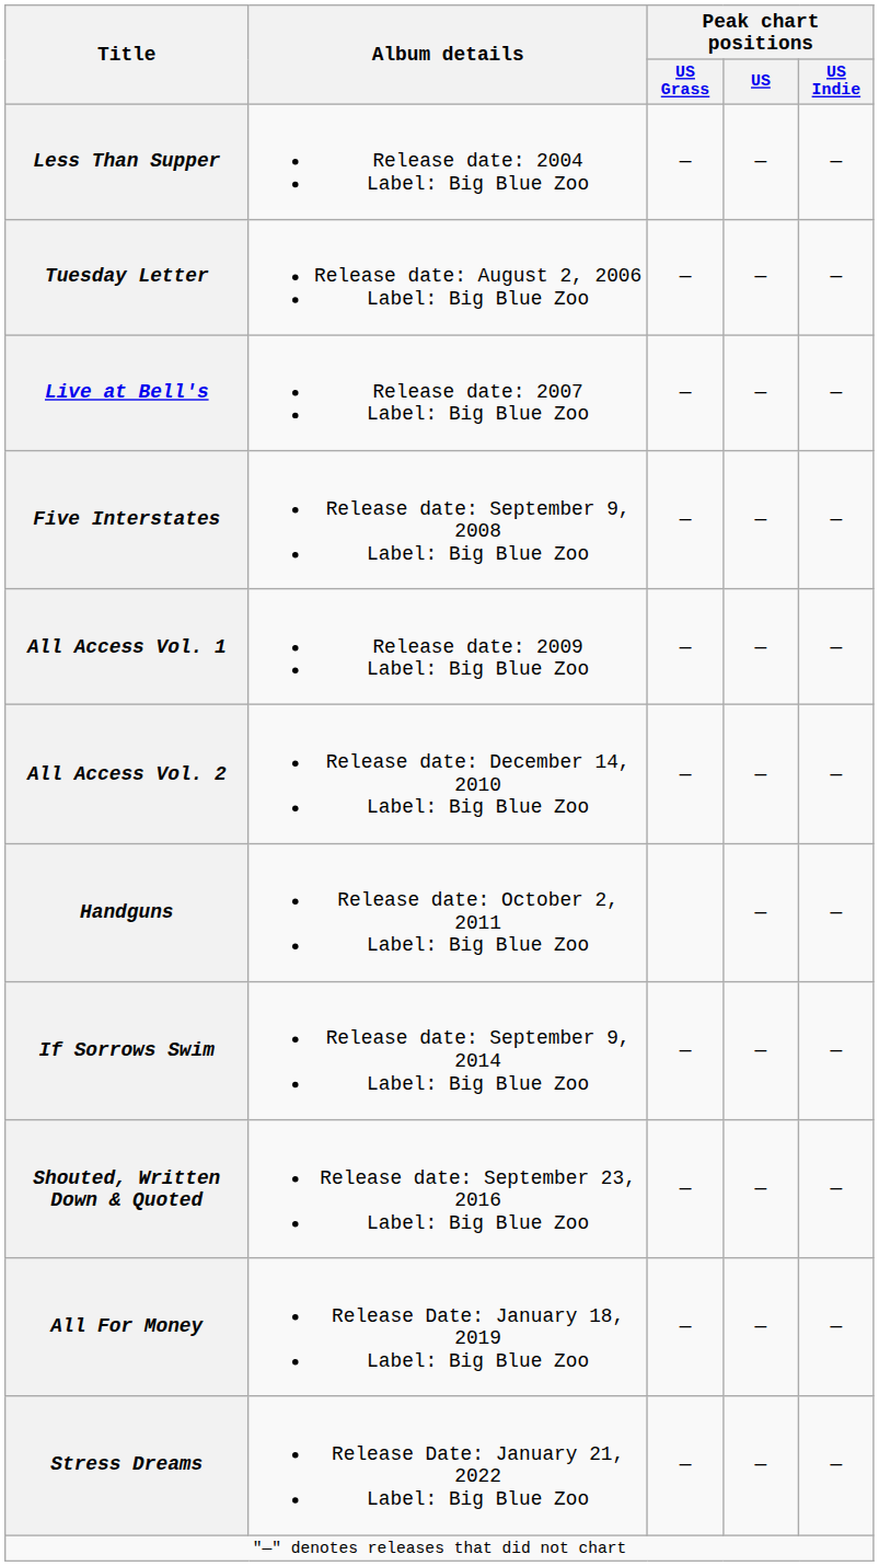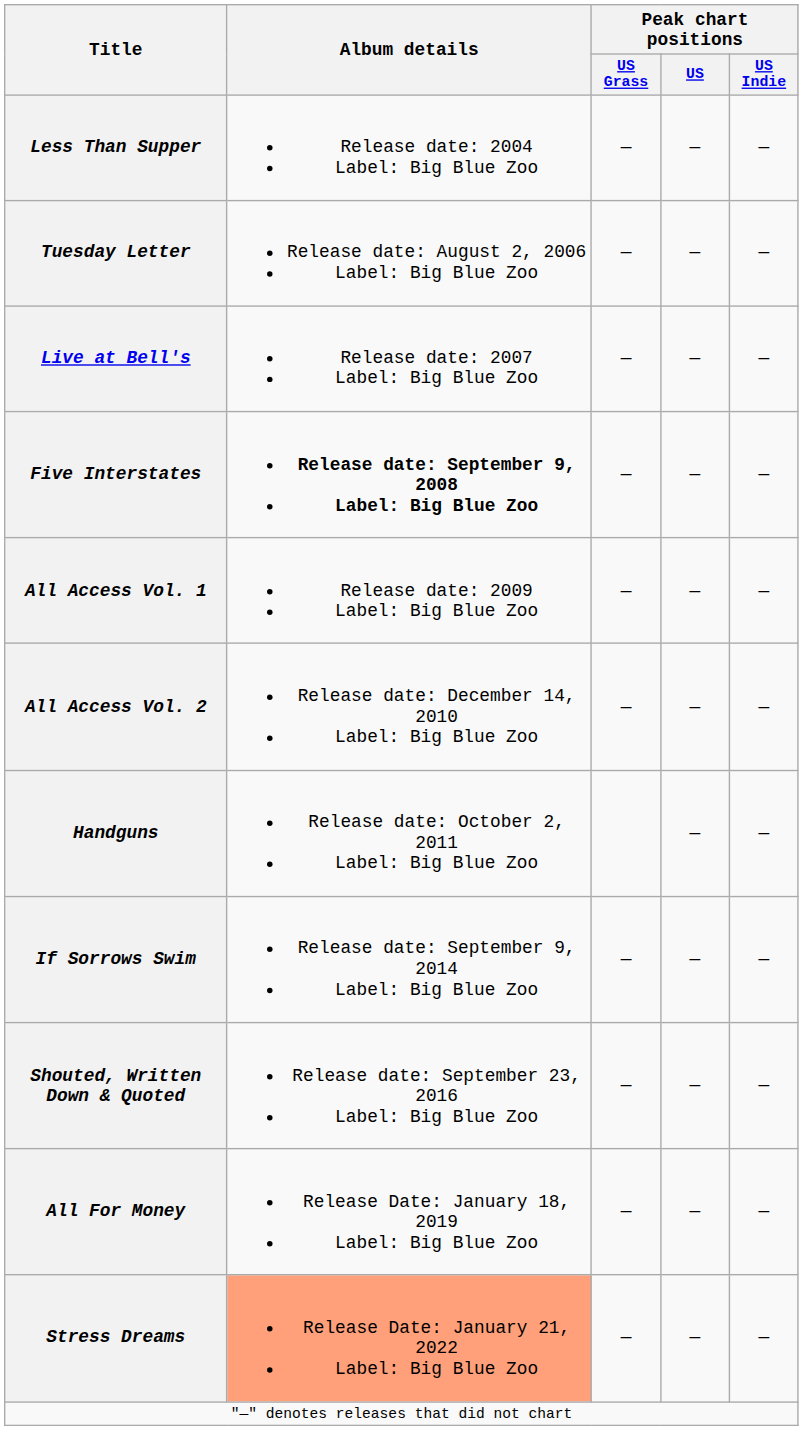 <table class="wikitable plainrowheaders" style="text-align:center;">
 <tr>
 <th rowspan="2" style="width:12em;">Title</th>
 <th rowspan="2" style="width:20em;">Album details</th>
 <th colspan="3">Peak chart positions</th>
 </tr>
 <tr style="font-size:smaller;">
 <th style="width:45px;"><a href='#'>US Grass</a></th>
 <th style="width:45px;"><a href='#'>US</a></th>
 <th style="width:45px;"><a href='#'>US Indie</a></th>
 </tr>
 <tr>
 <th scope="row"><em>Less Than Supper</em></th>
 <td><br><ul><li>Release date: 2004</li><li>Label: Big Blue Zoo</li></ul></td>
 <td>—</td>
 <td>—</td>
 <td>—</td>
 </tr>
 <tr>
 <th scope="row"><em>Tuesday Letter</em></th>
 <td><br><ul><li>Release date: August 2, 2006</li><li>Label: Big Blue Zoo</li></ul></td>
 <td>—</td>
 <td>—</td>
 <td>—</td>
 </tr>
 <tr>
 <th scope="row"><em><a href='#'>Live at Bell's</a></em></th>
 <td><br><ul><li>Release date: 2007</li><li>Label: Big Blue Zoo</li></ul></td>
 <td>—</td>
 <td>—</td>
 <td>—</td>
 </tr>
 <tr>
 <th scope="row"><em>Five Interstates</em></th>
-<td><br><ul><li>Release date: September 9, 2008</li><li>Label: Big Blue Zoo</li></ul></td>
+<td><strong><br><ul><li>Release date: September 9, 2008</li><li>Label: Big Blue Zoo</li></ul></strong></td>
 <td>—</td>
 <td>—</td>
 <td>—</td>
 </tr>
 <tr>
 <th scope="row"><em>All Access Vol. 1</em></th>
 <td><br><ul><li>Release date: 2009</li><li>Label: Big Blue Zoo</li></ul></td>
 <td>—</td>
 <td>—</td>
 <td>—</td>
 </tr>
 <tr>
 <th scope="row"><em>All Access Vol. 2</em></th>
 <td><br><ul><li>Release date: December 14, 2010</li><li>Label: Big Blue Zoo</li></ul></td>
 <td>—</td>
 <td>—</td>
 <td>—</td>
 </tr>
 <tr>
 <th scope="row"><em>Handguns</em></th>
 <td><br><ul><li>Release date: October 2, 2011</li><li>Label: Big Blue Zoo</li></ul></td>
 <td></td>
 <td>—</td>
 <td>—</td>
 </tr>
 <tr>
 <th scope="row"><em>If Sorrows Swim</em></th>
 <td><br><ul><li>Release date: September 9, 2014</li><li>Label: Big Blue Zoo</li></ul></td>
 <td>—</td>
 <td>—</td>
 <td>—</td>
 </tr>
 <tr>
 <th scope="row"><em>Shouted, Written Down & Quoted</em></th>
 <td><br><ul><li>Release date: September 23, 2016</li><li>Label: Big Blue Zoo</li></ul></td>
 <td>—</td>
 <td>—</td>
 <td>—</td>
 </tr>
 <tr>
 <th scope="row"><em>All For Money</em></th>
 <td><br><ul><li>Release Date: January 18, 2019</li><li>Label: Big Blue Zoo</li></ul></td>
 <td>—</td>
 <td>—</td>
 <td>—</td>
 </tr>
 <tr>
 <th scope="row"><em>Stress Dreams</em></th>
-<td><br><ul><li>Release Date: January 21, 2022</li><li>Label: Big Blue Zoo</li></ul></td>
+<td style="background: lightsalmon;"><br><ul><li>Release Date: January 21, 2022</li><li>Label: Big Blue Zoo</li></ul></td>
 <td>—</td>
 <td>—</td>
 <td>—</td>
 </tr>
 <tr>
 <td colspan="5" style="font-size:8pt">"—" denotes releases that did not chart</td>
 </tr>
 </table>
